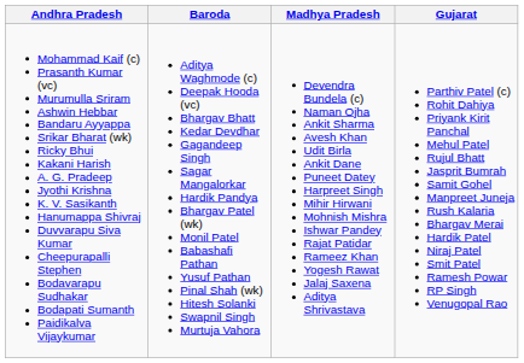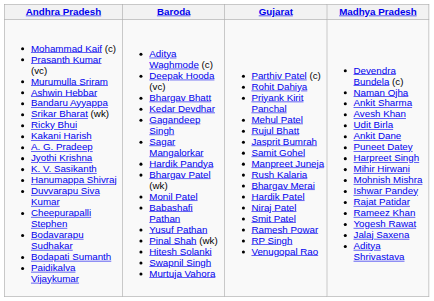 <table class="wikitable">
 <tr>
 <th style="width: 140pt;"><a href='#'>Andhra Pradesh</a></th>
 <th style="width: 120pt;"><a href='#'>Baroda</a></th>
+<th style="width: 120pt;"><a href='#'>Gujarat</a></th>
 <th style="width: 120pt;"><a href='#'>Madhya Pradesh</a></th>
-<th style="width: 120pt;"><a href='#'>Gujarat</a></th>
 </tr>
 <tr>
 <td><br><ul><li><a href='#'>Mohammad Kaif</a> (c)</li><li><a href='#'>Prasanth Kumar</a> (vc)</li><li><a href='#'>Murumulla Sriram</a></li><li><a href='#'>Ashwin Hebbar</a></li><li><a href='#'>Bandaru Ayyappa</a></li><li><a href='#'>Srikar Bharat</a> (wk)</li><li><a href='#'>Ricky Bhui</a></li><li><a href='#'>Kakani Harish</a></li><li><a href='#'>A. G. Pradeep</a></li><li><a href='#'>Jyothi Krishna</a></li><li><a href='#'>K. V. Sasikanth</a></li><li><a href='#'>Hanumappa Shivraj</a></li><li><a href='#'>Duvvarapu Siva Kumar</a></li><li><a href='#'>Cheepurapalli Stephen</a></li><li><a href='#'>Bodavarapu Sudhakar</a></li><li><a href='#'>Bodapati Sumanth</a></li><li><a href='#'>Paidikalva Vijaykumar</a></li></ul></td>
 <td><br><ul><li><a href='#'>Aditya Waghmode</a> (c)</li><li><a href='#'>Deepak Hooda</a> (vc)</li><li><a href='#'>Bhargav Bhatt</a></li><li><a href='#'>Kedar Devdhar</a></li><li><a href='#'>Gagandeep Singh</a></li><li><a href='#'>Sagar Mangalorkar</a></li><li><a href='#'>Hardik Pandya</a></li><li><a href='#'>Bhargav Patel</a> (wk)</li><li><a href='#'>Monil Patel</a></li><li><a href='#'>Babashafi Pathan</a></li><li><a href='#'>Yusuf Pathan</a></li><li><a href='#'>Pinal Shah</a> (wk)</li><li><a href='#'>Hitesh Solanki</a></li><li><a href='#'>Swapnil Singh</a></li><li><a href='#'>Murtuja Vahora</a></li></ul></td>
+<td><br><ul><li><a href='#'>Parthiv Patel</a> (c)</li><li><a href='#'>Rohit Dahiya</a></li><li><a href='#'>Priyank Kirit Panchal</a></li><li><a href='#'>Mehul Patel</a></li><li><a href='#'>Rujul Bhatt</a></li><li><a href='#'>Jasprit Bumrah</a></li><li><a href='#'>Samit Gohel</a></li><li><a href='#'>Manpreet Juneja</a></li><li><a href='#'>Rush Kalaria</a></li><li><a href='#'>Bhargav Merai</a></li><li><a href='#'>Hardik Patel</a></li><li><a href='#'>Niraj Patel</a></li><li><a href='#'>Smit Patel</a></li><li><a href='#'>Ramesh Powar</a></li><li><a href='#'>RP Singh</a></li><li><a href='#'>Venugopal Rao</a></li></ul></td>
 <td><br><ul><li><a href='#'>Devendra Bundela</a> (c)</li><li><a href='#'>Naman Ojha</a></li><li><a href='#'>Ankit Sharma</a></li><li><a href='#'>Avesh Khan</a></li><li><a href='#'>Udit Birla</a></li><li><a href='#'>Ankit Dane</a></li><li><a href='#'>Puneet Datey</a></li><li><a href='#'>Harpreet Singh</a></li><li><a href='#'>Mihir Hirwani</a></li><li><a href='#'>Mohnish Mishra</a></li><li><a href='#'>Ishwar Pandey</a></li><li><a href='#'>Rajat Patidar</a></li><li><a href='#'>Rameez Khan</a></li><li><a href='#'>Yogesh Rawat</a></li><li><a href='#'>Jalaj Saxena</a></li><li><a href='#'>Aditya Shrivastava</a></li></ul></td>
-<td><br><ul><li><a href='#'>Parthiv Patel</a> (c)</li><li><a href='#'>Rohit Dahiya</a></li><li><a href='#'>Priyank Kirit Panchal</a></li><li><a href='#'>Mehul Patel</a></li><li><a href='#'>Rujul Bhatt</a></li><li><a href='#'>Jasprit Bumrah</a></li><li><a href='#'>Samit Gohel</a></li><li><a href='#'>Manpreet Juneja</a></li><li><a href='#'>Rush Kalaria</a></li><li><a href='#'>Bhargav Merai</a></li><li><a href='#'>Hardik Patel</a></li><li><a href='#'>Niraj Patel</a></li><li><a href='#'>Smit Patel</a></li><li><a href='#'>Ramesh Powar</a></li><li><a href='#'>RP Singh</a></li><li><a href='#'>Venugopal Rao</a></li></ul></td>
 </tr>
 </table>
